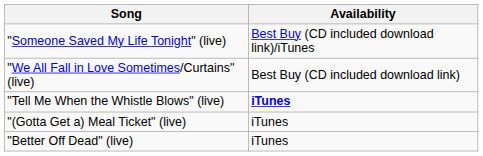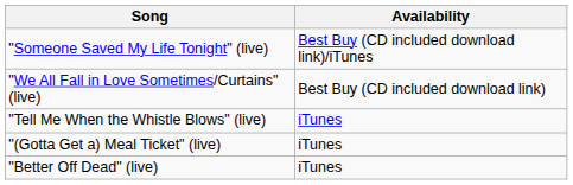 <table class="wikitable">
 <tr>
 <th>Song</th>
 <th>Availability</th>
 </tr>
 <tr>
 <td>"<a href='#'>Someone Saved My Life Tonight</a>" (live)</td>
 <td><a href='#'>Best Buy</a> (CD included download link)/iTunes</td>
 </tr>
 <tr>
 <td>"<a href='#'>We All Fall in Love Sometimes</a>/Curtains" (live)</td>
 <td>Best Buy (CD included download link)</td>
 </tr>
 <tr>
 <td>"Tell Me When the Whistle Blows" (live)</td>
-<td><strong><a href='#'>iTunes</a></strong></td>
+<td><a href='#'>iTunes</a></td>
 </tr>
 <tr>
 <td>"(Gotta Get a) Meal Ticket" (live)</td>
 <td>iTunes</td>
 </tr>
 <tr>
 <td>"Better Off Dead" (live)</td>
 <td>iTunes</td>
 </tr>
 </table>
